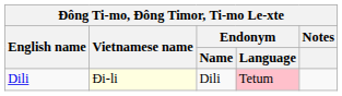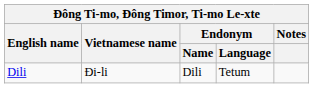 <table class="wikitable sortable">
 <tr>
 <th colspan="5"> Đông Ti-mo, Đông Timor, <strong>Ti-mo Le-xte</strong></th>
 </tr>
 <tr>
 <th rowspan="2">English name</th>
 <th rowspan="2">Vietnamese name</th>
 <th colspan="2">Endonym</th>
 <th>Notes</th>
 </tr>
 <tr>
 <th>Name</th>
 <th>Language</th>
 <th></th>
 </tr>
 <tr>
 <td><a href='#'>Dili</a></td>
-<td style="background: lightyellow;">Đi-li</td>
+<td>Đi-li</td>
 <td>Dili</td>
-<td style="background: pink;">Tetum</td>
+<td>Tetum</td>
 <td></td>
 </tr>
 </table>
